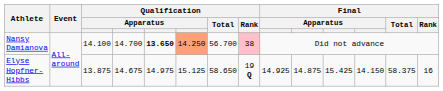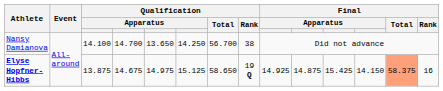 <table class="wikitable" style="font-size:90%">
 <tr>
 <th rowspan=3>Athlete</th>
 <th rowspan=3>Event</th>
 <th colspan=6>Qualification</th>
 <th colspan=6>Final</th>
 </tr>
 <tr style="font-size:95%">
 <th colspan=4>Apparatus</th>
 <th rowspan=2>Total</th>
 <th rowspan=2>Rank</th>
 <th colspan=4>Apparatus</th>
 <th rowspan=2>Total</th>
 <th rowspan=2>Rank</th>
 </tr>
 <tr style="font-size:95%">
 <th></th>
 <th></th>
 <th></th>
 <th></th>
 <th></th>
 <th></th>
 <th></th>
 <th></th>
 </tr>
 <tr align=center>
 <td align=left><a href='#'>Nansy Damianova</a></td>
 <td align=left rowspan=2><a href='#'>All-around</a></td>
 <td>14.100</td>
 <td>14.700</td>
-<td><strong>13.650</strong></td>
-<td style="background: lightsalmon;">14.250</td>
+<td>13.650</td>
+<td>14.250</td>
 <td>56.700</td>
-<td style="background: pink;">38</td>
+<td>38</td>
 <td colspan=6>Did not advance</td>
 </tr>
 <tr align=center>
-<td align=left><a href='#'>Elyse Hopfner-Hibbs</a></td>
+<td align=left><strong><a href='#'>Elyse Hopfner-Hibbs</a></strong></td>
 <td>13.875</td>
 <td>14.675</td>
 <td>14.975</td>
 <td>15.125</td>
 <td>58.650</td>
 <td>19 <strong>Q</strong></td>
 <td>14.925</td>
 <td>14.875</td>
 <td>15.425</td>
 <td>14.150</td>
-<td>58.375</td>
+<td style="background: lightsalmon;">58.375</td>
 <td>16</td>
 </tr>
 </table>
